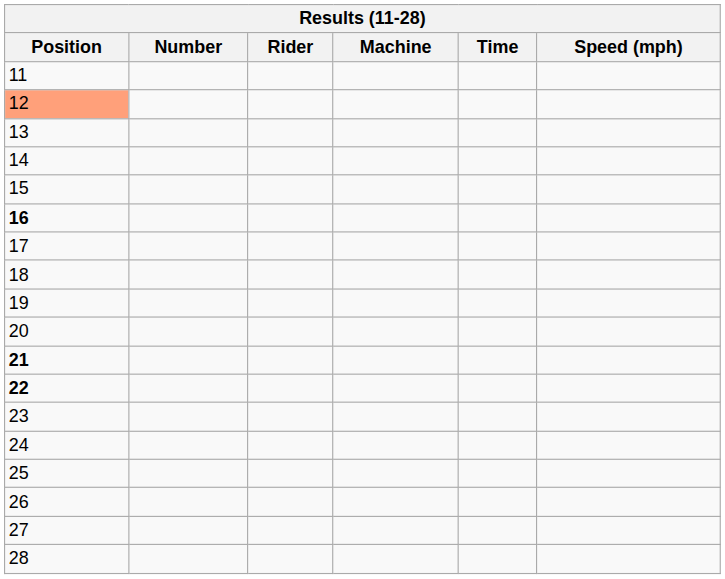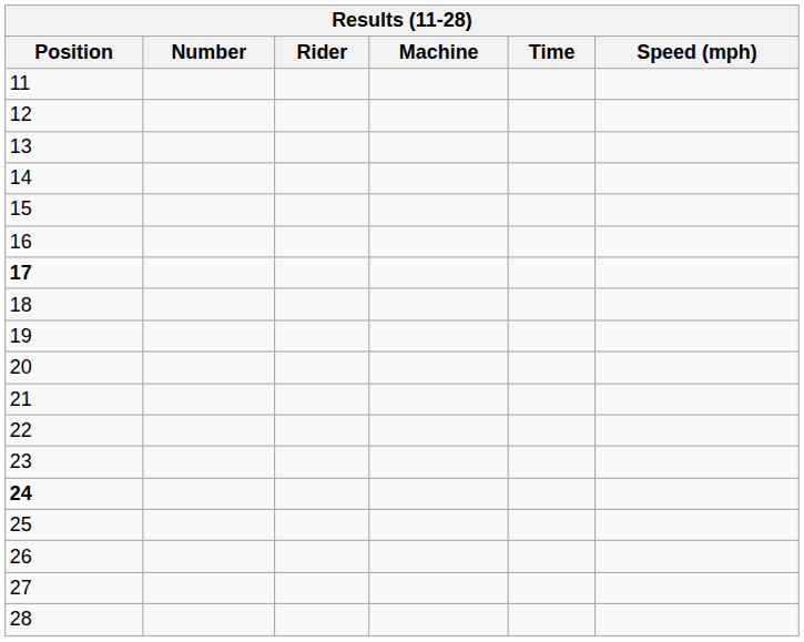 <table class="collapsible collapsed wikitable"style="width:40em;margin-top:-1px;">
 <tr>
 <th scope="col" colspan="6">Results (11-28)</th>
 </tr>
 <tr>
 <th scope="col">Position</th>
 <th scope="col">Number</th>
 <th scope="col">Rider</th>
 <th scope="col">Machine</th>
 <th scope="col">Time</th>
 <th scope="col">Speed (mph)</th>
 </tr>
 <tr>
 <td>11</td>
 <td></td>
 <td></td>
 <td></td>
 <td></td>
 <td></td>
 </tr>
 <tr>
-<td style="background: lightsalmon;">12</td>
+<td>12</td>
 <td></td>
 <td></td>
 <td></td>
 <td></td>
 <td></td>
 </tr>
 <tr>
 <td>13</td>
 <td></td>
 <td></td>
 <td></td>
 <td></td>
 <td></td>
 </tr>
 <tr>
 <td>14</td>
 <td></td>
 <td></td>
 <td></td>
 <td></td>
 <td></td>
 </tr>
 <tr>
 <td>15</td>
 <td></td>
 <td></td>
 <td></td>
 <td></td>
 <td></td>
 </tr>
 <tr>
-<td><strong>16</strong></td>
+<td>16</td>
 <td></td>
 <td></td>
 <td></td>
 <td></td>
 <td></td>
 </tr>
 <tr>
-<td>17</td>
+<td><strong>17</strong></td>
 <td></td>
 <td></td>
 <td></td>
 <td></td>
 <td></td>
 </tr>
 <tr>
 <td>18</td>
 <td></td>
 <td></td>
 <td></td>
 <td></td>
 <td></td>
 </tr>
 <tr>
 <td>19</td>
 <td></td>
 <td></td>
 <td></td>
 <td></td>
 <td></td>
 </tr>
 <tr>
 <td>20</td>
 <td></td>
 <td></td>
 <td></td>
 <td></td>
 <td></td>
 </tr>
 <tr>
-<td><strong>21</strong></td>
+<td>21</td>
 <td></td>
 <td></td>
 <td></td>
 <td></td>
 <td></td>
 </tr>
 <tr>
-<td><strong>22</strong></td>
+<td>22</td>
 <td></td>
 <td></td>
 <td></td>
 <td></td>
 <td></td>
 </tr>
 <tr>
 <td>23</td>
 <td></td>
 <td></td>
 <td></td>
 <td></td>
 <td></td>
 </tr>
 <tr>
-<td>24</td>
+<td><strong>24</strong></td>
 <td></td>
 <td></td>
 <td></td>
 <td></td>
 <td></td>
 </tr>
 <tr>
 <td>25</td>
 <td></td>
 <td></td>
 <td></td>
 <td></td>
 <td></td>
 </tr>
 <tr>
 <td>26</td>
 <td></td>
 <td></td>
 <td></td>
 <td></td>
 <td></td>
 </tr>
 <tr>
 <td>27</td>
 <td></td>
 <td></td>
 <td></td>
 <td></td>
 <td></td>
 </tr>
 <tr>
 <td>28</td>
 <td></td>
 <td></td>
 <td></td>
 <td></td>
 <td></td>
 </tr>
 </table>
